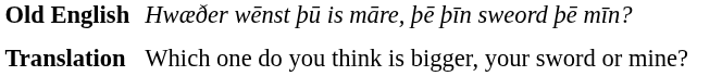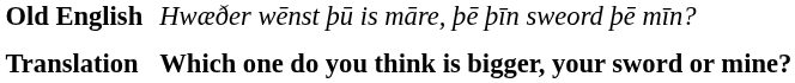 <table cellspacing="2" cellpadding="4" border="0">
 <tr>
 <td><strong>Old English</strong></td>
 <td><em>Hwæðer wēnst þū is māre, þē þīn sweord þē mīn?</em></td>
 </tr>
 <tr>
 <td><strong>Translation</strong></td>
-<td>Which one do you think is bigger, your sword or mine?</td>
+<td><strong>Which one do you think is bigger, your sword or mine?</strong></td>
 </tr>
 </table>
